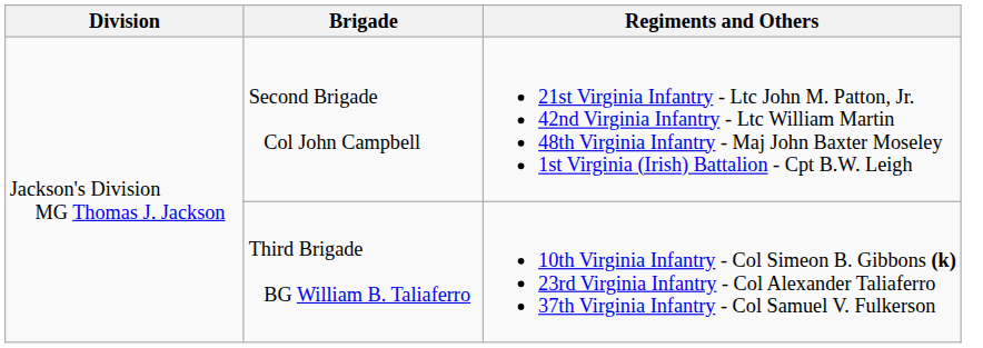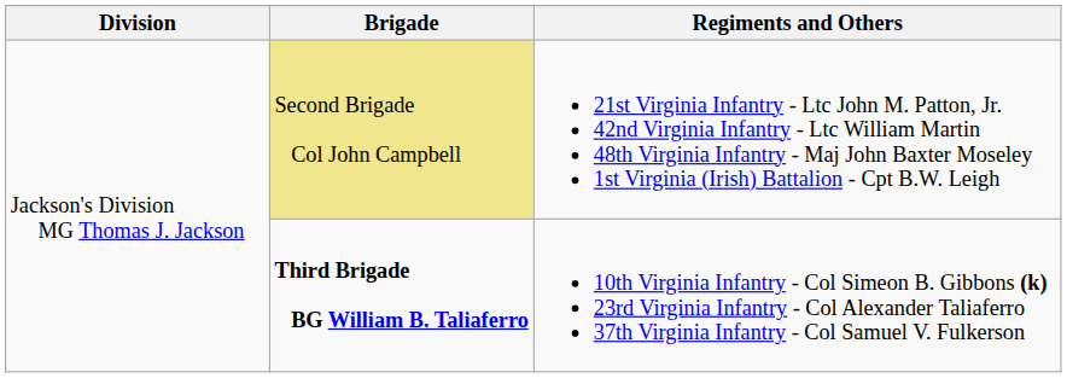 <table class="wikitable">
 <tr>
 <th width=25%>Division</th>
 <th width=25%>Brigade</th>
 <th>Regiments and Others</th>
 </tr>
 <tr>
 <td rowspan=2><br>Jackson's Division <br>     MG <a href='#'>Thomas J. Jackson</a></td>
-<td>Second Brigade<br><br>   Col John Campbell</td>
+<td style="background: khaki;">Second Brigade<br><br>   Col John Campbell</td>
 <td><br><ul><li><a href='#'>21st Virginia Infantry</a> - Ltc John M. Patton, Jr.</li><li><a href='#'>42nd Virginia Infantry</a> -  Ltc William Martin</li><li><a href='#'>48th Virginia Infantry</a> - Maj John Baxter Moseley</li><li><a href='#'>1st Virginia (Irish) Battalion</a> - Cpt B.W. Leigh</li></ul></td>
 </tr>
 <tr>
-<td>Third Brigade<br><br>   BG <a href='#'>William B. Taliaferro</a></td>
+<td><strong>Third Brigade<br><br>   BG <a href='#'>William B. Taliaferro</a></strong></td>
 <td><br><ul><li><a href='#'>10th Virginia Infantry</a> - Col Simeon B. Gibbons <strong>(k)</strong></li><li><a href='#'>23rd Virginia Infantry</a> - Col Alexander Taliaferro</li><li><a href='#'>37th Virginia Infantry</a> - Col Samuel V. Fulkerson</li></ul></td>
 </tr>
 </table>
